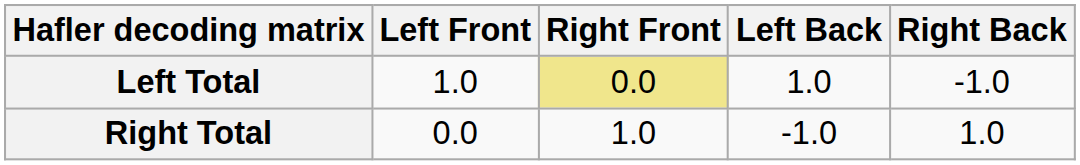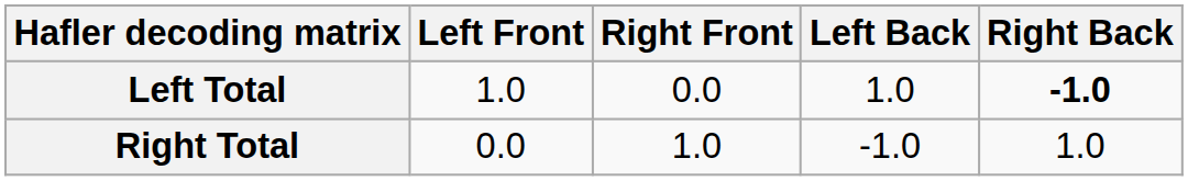 <table class="wikitable" style="text-align:center">
 <tr>
 <th>Hafler decoding matrix</th>
 <th>Left Front</th>
 <th>Right Front</th>
 <th>Left Back</th>
 <th>Right Back</th>
 </tr>
 <tr>
 <th>Left Total</th>
 <td>1.0</td>
-<td style="background: khaki;">0.0</td>
+<td>0.0</td>
 <td>1.0</td>
-<td>-1.0</td>
+<td><strong>-1.0</strong></td>
 </tr>
 <tr>
 <th>Right  Total</th>
 <td>0.0</td>
 <td>1.0</td>
 <td>-1.0</td>
 <td>1.0</td>
 </tr>
 </table>
